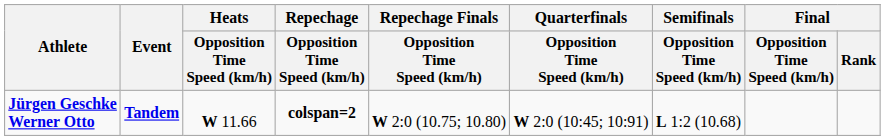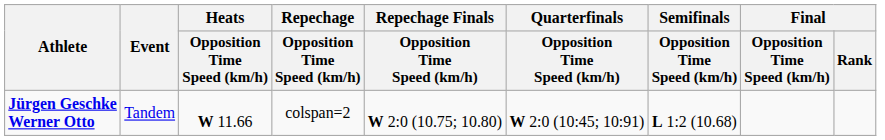 <table class="wikitable" style="font-size:90%">
 <tr>
 <th rowspan="2">Athlete</th>
 <th rowspan="2">Event</th>
 <th>Heats</th>
 <th>Repechage</th>
 <th>Repechage Finals</th>
 <th>Quarterfinals</th>
 <th>Semifinals</th>
 <th colspan=2>Final</th>
 </tr>
 <tr style="font-size:95%">
 <th>Opposition<br>Time<br>Speed (km/h)</th>
 <th>Opposition<br>Time<br>Speed (km/h)</th>
 <th>Opposition<br>Time<br>Speed (km/h)</th>
 <th>Opposition<br>Time<br>Speed (km/h)</th>
 <th>Opposition<br>Time<br>Speed (km/h)</th>
 <th>Opposition<br>Time<br>Speed (km/h)</th>
 <th>Rank</th>
 </tr>
 <tr align=center>
 <td align=left><strong><a href='#'>Jürgen Geschke</a><br><a href='#'>Werner Otto</a></strong></td>
-<td align=left><strong><a href='#'>Tandem</a></strong></td>
+<td align=left><a href='#'>Tandem</a></td>
 <td><br><strong>W</strong> 11.66</td>
-<td><strong>colspan=2 </strong></td>
+<td>colspan=2 </td>
 <td><br><strong>W</strong> 2:0 (10.75; 10.80)</td>
 <td><br><strong>W</strong> 2:0 (10:45; 10:91)</td>
 <td><br><strong>L</strong> 1:2 (10.68)</td>
 <td></td>
 </tr>
 </table>
